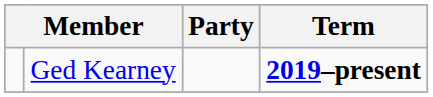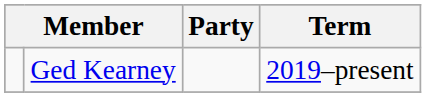 <table class=wikitable style="text-align:center">
 <tr>
 <th colspan=2>Member</th>
 <th>Party</th>
 <th>Term</th>
 </tr>
 <tr>
 <td> </td>
 <td><a href='#'>Ged Kearney</a></td>
 <td></td>
-<td><strong><a href='#'>2019</a>–present</strong></td>
+<td><a href='#'>2019</a>–present</td>
 </tr>
 </table>
